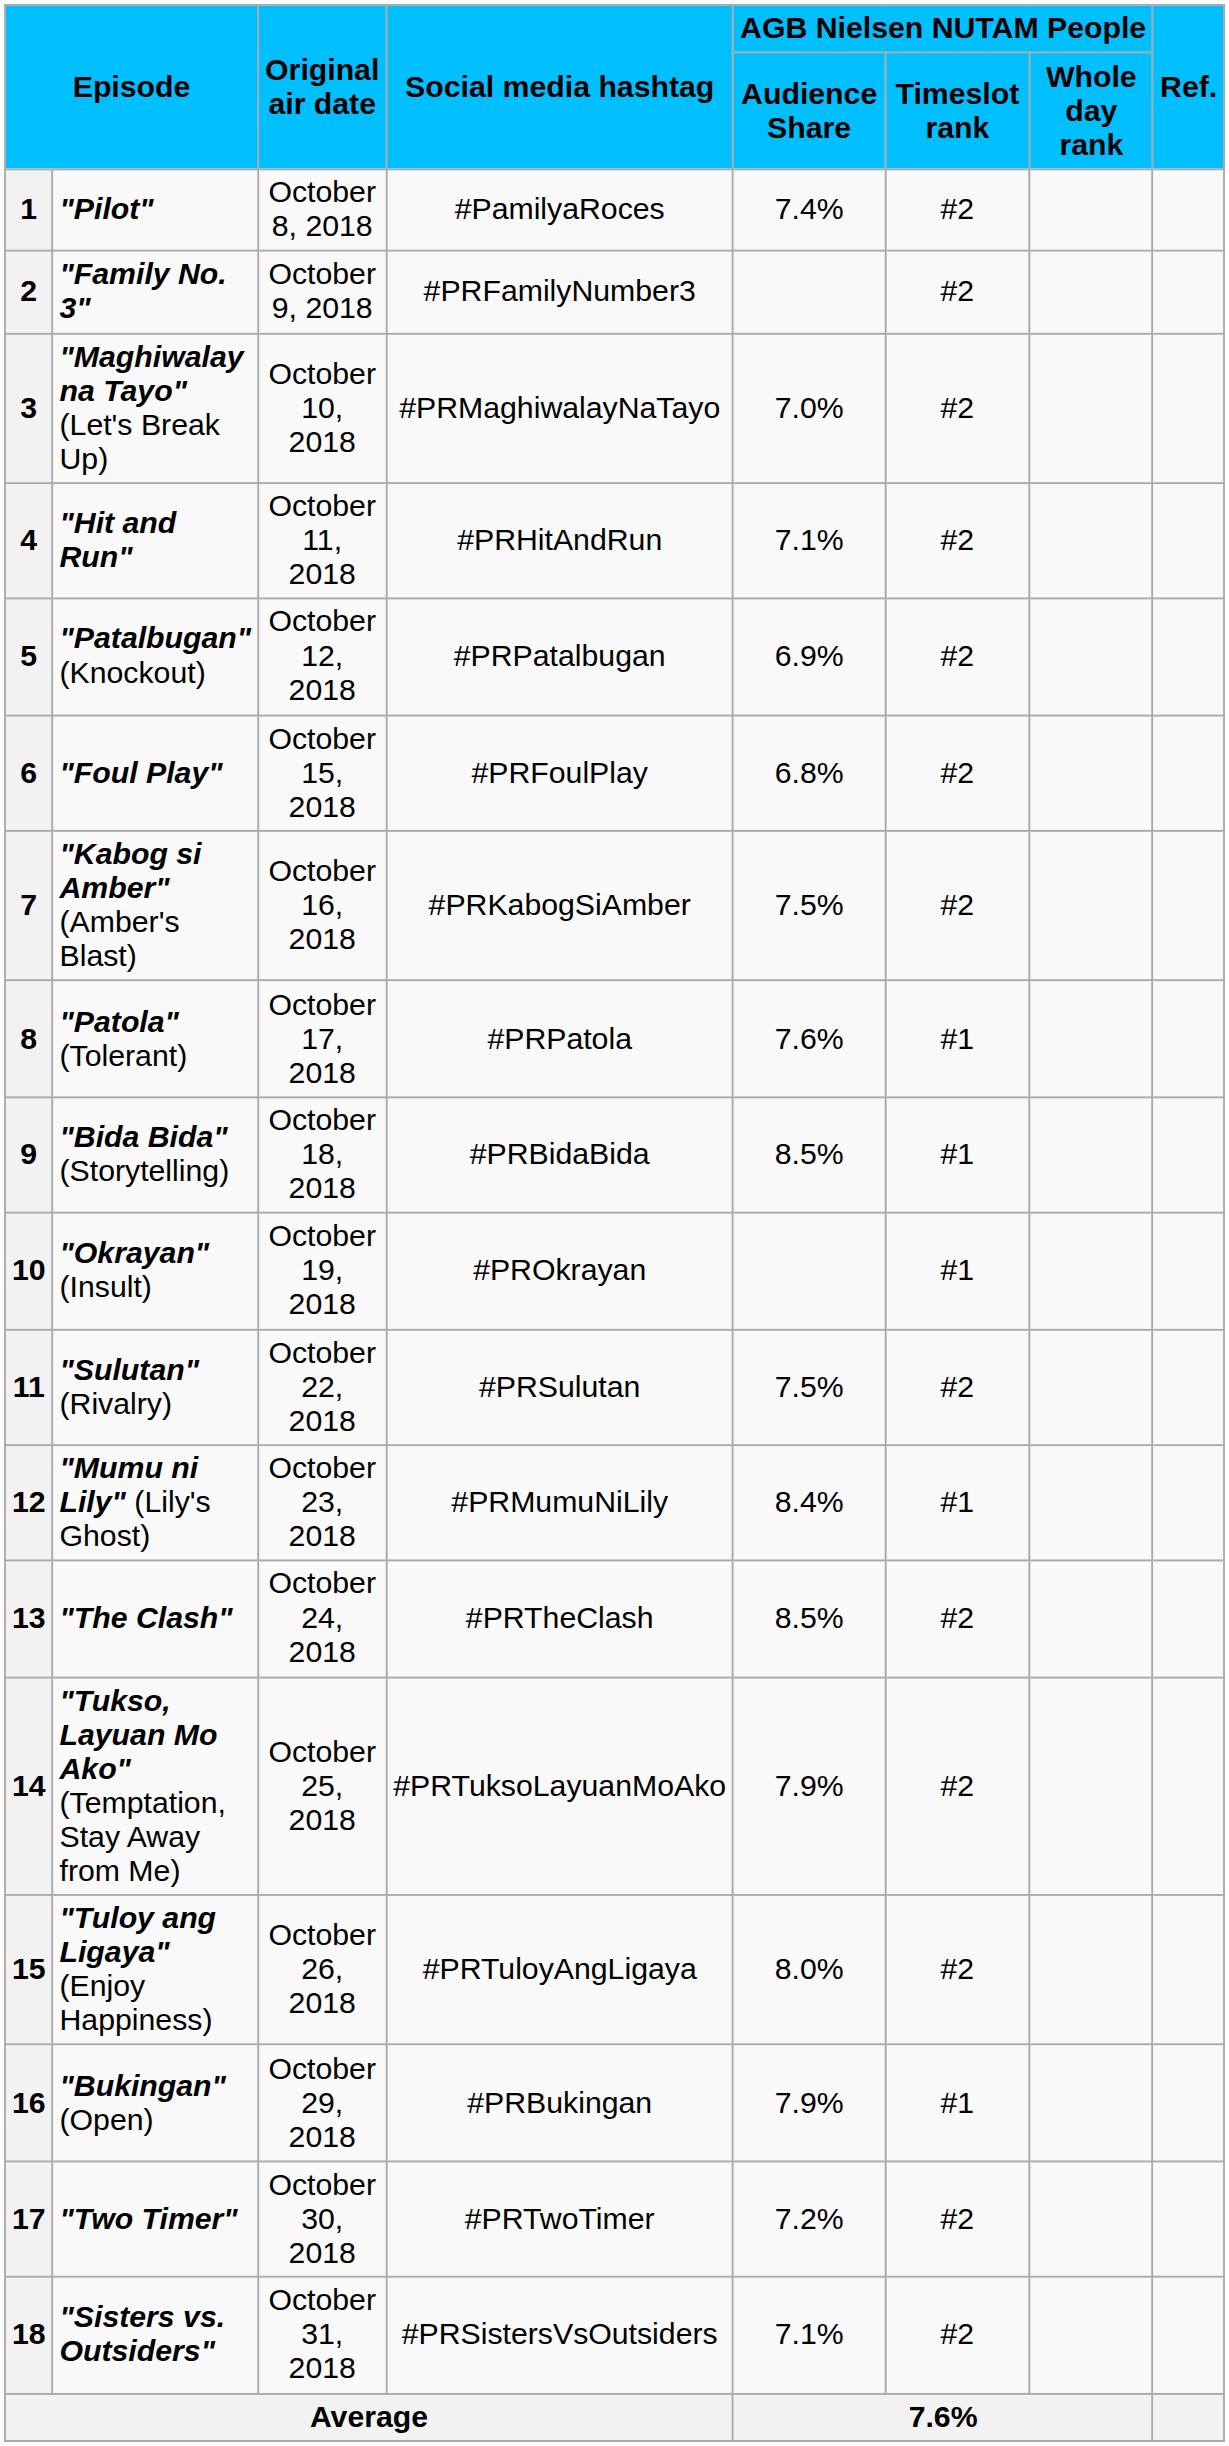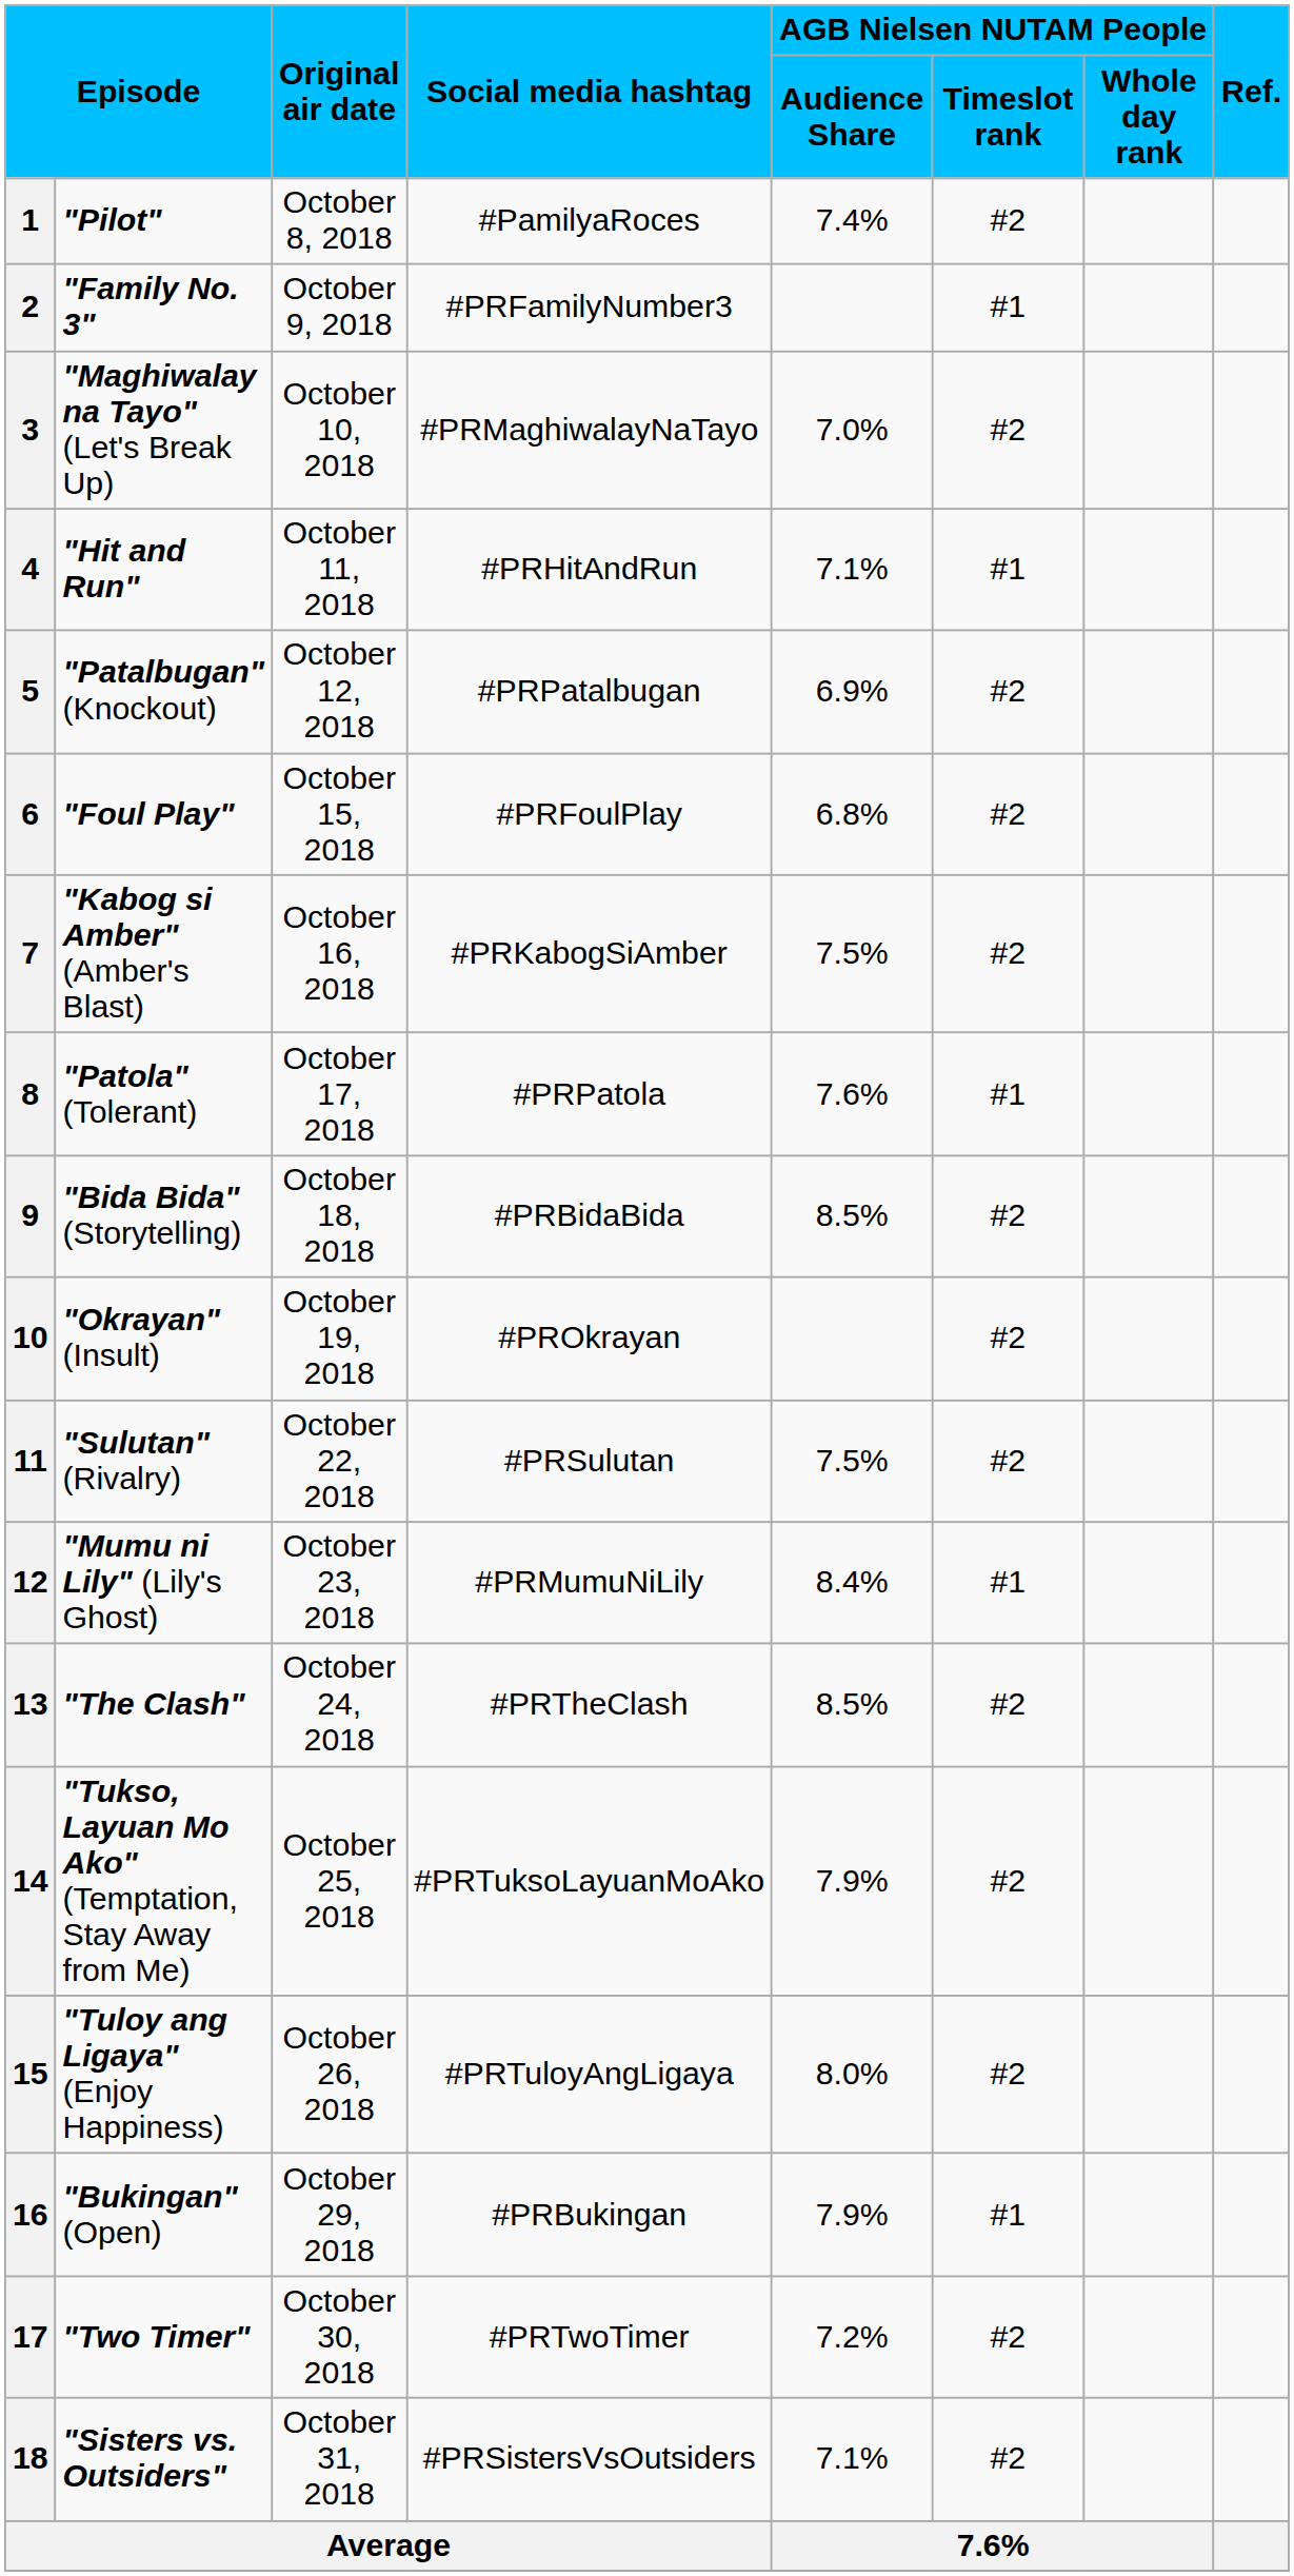 <table class="wikitable" style="text-align:center; font-size:100%; line-height:18px;" width="100%">
 <tr>
 <th style="background-color:#00BFFF; color:#000000;" colspan="2" rowspan="2">Episode</th>
 <th style="background-color:#00BFFF; color:black" rowspan="2">Original air date</th>
 <th style="background-color:#00BFFF; color:black" rowspan="2">Social media hashtag</th>
 <th style="background-color:#00BFFF; color:#000000;" colspan="3">AGB Nielsen NUTAM People</th>
 <th style="background-color:#00BFFF; color:#000000;" rowspan="2">Ref.</th>
 </tr>
 <tr>
 <th style="background-color:#00BFFF; width:75px; color:#000000;">Audience Share</th>
 <th style="background-color:#00BFFF; width:75px; color:#000000;">Timeslot<br>rank</th>
 <th style="background-color:#00BFFF; width:75px; color:#000000;">Whole day<br>rank</th>
 </tr>
 <tr>
 <th>1</th>
 <td style="text-align: left;"><strong><em>"Pilot"</em></strong></td>
 <td>October 8, 2018</td>
 <td>#PamilyaRoces</td>
 <td>7.4%</td>
 <td>#2</td>
 <td></td>
 <td></td>
 </tr>
 <tr>
 <th>2</th>
 <td style="text-align: left;"><strong><em>"Family No. 3"</em></strong></td>
 <td>October 9, 2018</td>
 <td>#PRFamilyNumber3</td>
 <td></td>
-<td>#2</td>
+<td>#1</td>
 <td></td>
 <td></td>
 </tr>
 <tr>
 <th>3</th>
 <td style="text-align: left;"><strong><em>"Maghiwalay na Tayo"</em></strong> (Let's Break Up)</td>
 <td>October 10, 2018</td>
 <td>#PRMaghiwalayNaTayo</td>
 <td>7.0%</td>
 <td>#2</td>
 <td></td>
 <td></td>
 </tr>
 <tr>
 <th>4</th>
 <td style="text-align: left;"><strong><em>"Hit and Run"</em></strong></td>
 <td>October 11, 2018</td>
 <td>#PRHitAndRun</td>
 <td>7.1%</td>
-<td>#2</td>
+<td>#1</td>
 <td></td>
 <td></td>
 </tr>
 <tr>
 <th>5</th>
 <td style="text-align: left;"><strong><em>"Patalbugan"</em></strong> (Knockout)</td>
 <td>October 12, 2018</td>
 <td>#PRPatalbugan</td>
 <td>6.9%</td>
 <td>#2</td>
 <td></td>
 <td></td>
 </tr>
 <tr>
 <th>6</th>
 <td style="text-align: left;"><strong><em>"Foul Play"</em></strong></td>
 <td>October 15, 2018</td>
 <td>#PRFoulPlay</td>
 <td>6.8%</td>
 <td>#2</td>
 <td></td>
 <td></td>
 </tr>
 <tr>
 <th>7</th>
 <td style="text-align: left;"><strong><em>"Kabog si Amber"</em></strong> (Amber's Blast)</td>
 <td>October 16, 2018</td>
 <td>#PRKabogSiAmber</td>
 <td>7.5%</td>
 <td>#2</td>
 <td></td>
 <td></td>
 </tr>
 <tr>
 <th>8</th>
 <td style="text-align: left;"><strong><em>"Patola"</em></strong> (Tolerant)</td>
 <td>October 17, 2018</td>
 <td>#PRPatola</td>
 <td>7.6%</td>
 <td>#1</td>
 <td></td>
 <td></td>
 </tr>
 <tr>
 <th>9</th>
 <td style="text-align: left;"><strong><em>"Bida Bida"</em></strong> (Storytelling)</td>
 <td>October 18, 2018</td>
 <td>#PRBidaBida</td>
 <td>8.5%</td>
-<td>#1</td>
+<td>#2</td>
 <td></td>
 <td></td>
 </tr>
 <tr>
 <th>10</th>
 <td style="text-align: left;"><strong><em>"Okrayan"</em></strong> (Insult)</td>
 <td>October 19, 2018</td>
 <td>#PROkrayan</td>
 <td></td>
-<td>#1</td>
+<td>#2</td>
 <td></td>
 <td></td>
 </tr>
 <tr>
 <th>11</th>
 <td style="text-align: left;"><strong><em>"Sulutan"</em></strong> (Rivalry)</td>
 <td>October 22, 2018</td>
 <td>#PRSulutan</td>
 <td>7.5%</td>
 <td>#2</td>
 <td></td>
 <td></td>
 </tr>
 <tr>
 <th>12</th>
 <td style="text-align: left;"><strong><em>"Mumu ni Lily"</em></strong> (Lily's Ghost)</td>
 <td>October 23, 2018</td>
 <td>#PRMumuNiLily</td>
 <td>8.4%</td>
 <td>#1</td>
 <td></td>
 <td></td>
 </tr>
 <tr>
 <th>13</th>
 <td style="text-align: left;"><strong><em>"The Clash"</em></strong></td>
 <td>October 24, 2018</td>
 <td>#PRTheClash</td>
 <td>8.5%</td>
 <td>#2</td>
 <td></td>
 <td></td>
 </tr>
 <tr>
 <th>14</th>
 <td style="text-align: left;"><strong><em>"Tukso, Layuan Mo Ako"</em></strong> (Temptation, Stay Away from Me)</td>
 <td>October 25, 2018</td>
 <td>#PRTuksoLayuanMoAko</td>
 <td>7.9%</td>
 <td>#2</td>
 <td></td>
 <td></td>
 </tr>
 <tr>
 <th>15</th>
 <td style="text-align: left;"><strong><em>"Tuloy ang Ligaya"</em></strong> (Enjoy Happiness)</td>
 <td>October 26, 2018</td>
 <td>#PRTuloyAngLigaya</td>
 <td>8.0%</td>
 <td>#2</td>
 <td></td>
 <td></td>
 </tr>
 <tr>
 <th>16</th>
 <td style="text-align: left;"><strong><em>"Bukingan"</em></strong> (Open)</td>
 <td>October 29, 2018</td>
 <td>#PRBukingan</td>
 <td>7.9%</td>
 <td>#1</td>
 <td></td>
 <td></td>
 </tr>
 <tr>
 <th>17</th>
 <td style="text-align: left;"><strong><em>"Two Timer"</em></strong></td>
 <td>October 30, 2018</td>
 <td>#PRTwoTimer</td>
 <td>7.2%</td>
 <td>#2</td>
 <td></td>
 <td></td>
 </tr>
 <tr>
 <th>18</th>
 <td style="text-align: left;"><strong><em>"Sisters vs. Outsiders"</em></strong></td>
 <td>October 31, 2018</td>
 <td>#PRSistersVsOutsiders</td>
 <td>7.1%</td>
 <td>#2</td>
 <td></td>
 <td></td>
 </tr>
 <tr>
 <th colspan="4">Average</th>
 <th colspan="3">7.6%</th>
 <th></th>
 </tr>
 <tr>
 </tr>
 </table>
